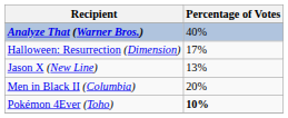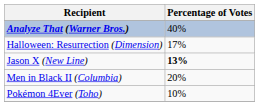 <table class="wikitable sortable plainrowheaders" align="centre">
 <tr>
 <th>Recipient</th>
 <th>Percentage of Votes</th>
 </tr>
 <tr>
 </tr>
 <tr style="background:#B0C4DE;">
 <td><strong><em><a href='#'>Analyze That</a><em> (<a href='#'>Warner Bros.</a>)<strong></td>
 <td></strong>40%<strong></td>
 </tr>
 <tr>
 <td></em><a href='#'>Halloween: Resurrection</a><em> (<a href='#'>Dimension</a>)</td>
 <td>17%</td>
 </tr>
 <tr>
 <td></em><a href='#'>Jason X</a><em> (<a href='#'>New Line</a>)</td>
-<td>13%</td>
+<td><strong>13%</strong></td>
 </tr>
 <tr>
 <td></em><a href='#'>Men in Black II</a><em> (<a href='#'>Columbia</a>)</td>
 <td>20%</td>
 </tr>
 <tr>
 <td></em><a href='#'>Pokémon 4Ever</a><em> (<a href='#'>Toho</a>)</td>
-<td><strong>10%</strong></td>
+<td>10%</td>
 </tr>
 <tr>
 </tr>
 </table>
